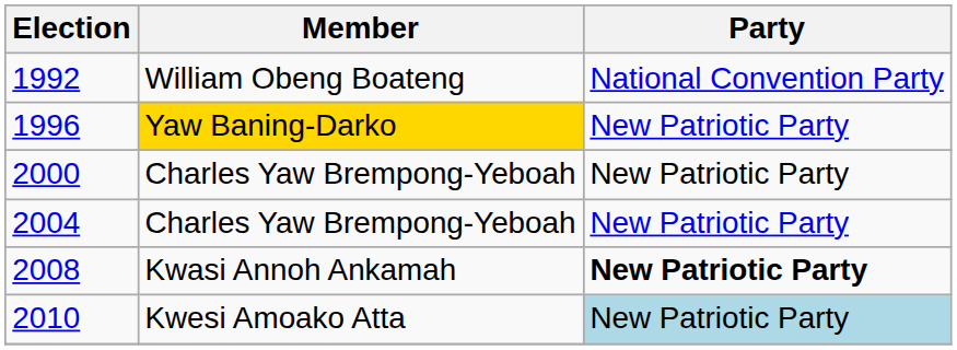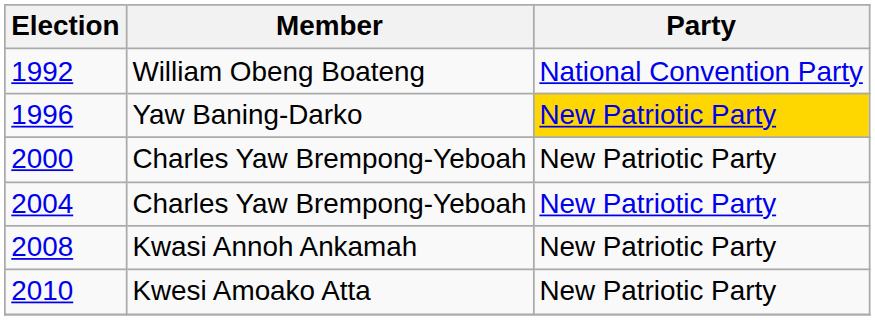 <table class="wikitable">
 <tr>
 <th>Election</th>
 <th>Member</th>
 <th>Party</th>
 </tr>
 <tr>
 <td><a href='#'>1992</a></td>
 <td>William Obeng Boateng</td>
 <td><a href='#'>National Convention Party</a></td>
 </tr>
 <tr>
 <td><a href='#'>1996</a></td>
-<td style="background: gold;">Yaw Baning-Darko</td>
-<td><a href='#'>New Patriotic Party</a></td>
+<td>Yaw Baning-Darko</td>
+<td style="background: gold;"><a href='#'>New Patriotic Party</a></td>
 </tr>
 <tr>
 <td><a href='#'>2000</a></td>
 <td>Charles Yaw Brempong-Yeboah</td>
 <td>New Patriotic Party</td>
 </tr>
 <tr>
 <td><a href='#'>2004</a></td>
 <td>Charles Yaw Brempong-Yeboah</td>
 <td><a href='#'>New Patriotic Party</a></td>
 </tr>
 <tr>
 <td><a href='#'>2008</a></td>
 <td>Kwasi Annoh Ankamah</td>
-<td><strong>New Patriotic Party</strong></td>
+<td>New Patriotic Party</td>
 </tr>
 <tr>
 <td><a href='#'>2010</a></td>
 <td>Kwesi Amoako Atta</td>
-<td style="background: lightblue;">New Patriotic Party</td>
+<td>New Patriotic Party</td>
 </tr>
 <tr>
 </tr>
 </table>
